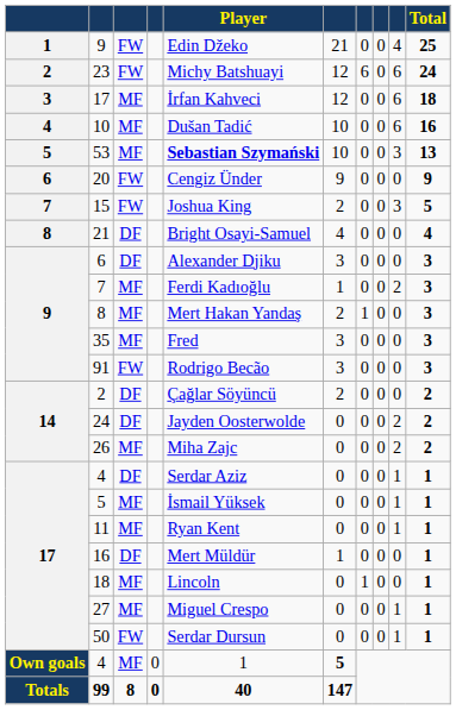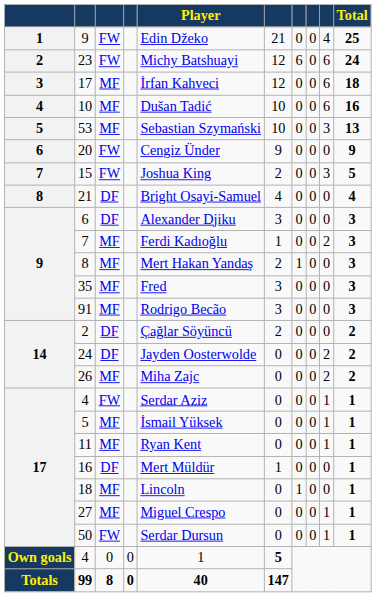 <table class="wikitable" style="text-align:center">
 <tr>
 <th style="background:#163962; color:#FFF000; "></th>
 <th style="background:#163962; color:#FFF000; "></th>
 <th style="background:#163962; color:#FFF000; "></th>
 <th style="background:#163962; color:#FFF000; "></th>
 <th style="background:#163962; color:#FFF000; ">Player</th>
 <th style="background:#163962; color:#FFF000; "></th>
 <th style="background:#163962; color:#FFF000; "></th>
 <th style="background:#163962; color:#FFF000; "></th>
 <th style="background:#163962; color:#FFF000; "></th>
 <th style="background:#163962; color:#FFF000; ">Total</th>
 </tr>
 <tr>
 <th>1</th>
 <td>9</td>
 <td><a href='#'>FW</a></td>
 <td></td>
 <td align=left><a href='#'>Edin Džeko</a></td>
 <td>21</td>
 <td>0</td>
 <td>0</td>
 <td>4</td>
 <td><strong>25</strong></td>
 </tr>
 <tr>
 <th>2</th>
 <td>23</td>
 <td><a href='#'>FW</a></td>
 <td></td>
 <td align=left><a href='#'>Michy Batshuayi</a></td>
 <td>12</td>
 <td>6</td>
 <td>0</td>
 <td>6</td>
 <td><strong>24</strong></td>
 </tr>
 <tr>
 <th>3</th>
 <td>17</td>
 <td><a href='#'>MF</a></td>
 <td></td>
 <td align=left><a href='#'>İrfan Kahveci</a></td>
 <td>12</td>
 <td>0</td>
 <td>0</td>
 <td>6</td>
 <td><strong>18</strong></td>
 </tr>
 <tr>
 <th>4</th>
 <td>10</td>
 <td><a href='#'>MF</a></td>
 <td></td>
 <td align=left><a href='#'>Dušan Tadić</a></td>
 <td>10</td>
 <td>0</td>
 <td>0</td>
 <td>6</td>
 <td><strong>16</strong></td>
 </tr>
 <tr>
 <th>5</th>
 <td>53</td>
 <td><a href='#'>MF</a></td>
 <td></td>
-<td align=left><strong><a href='#'>Sebastian Szymański</a></strong></td>
+<td align=left><a href='#'>Sebastian Szymański</a></td>
 <td>10</td>
 <td>0</td>
 <td>0</td>
 <td>3</td>
 <td><strong>13</strong></td>
 </tr>
 <tr>
 <th>6</th>
 <td>20</td>
 <td><a href='#'>FW</a></td>
 <td></td>
 <td align=left><a href='#'>Cengiz Ünder</a></td>
 <td>9</td>
 <td>0</td>
 <td>0</td>
 <td>0</td>
 <td><strong>9</strong></td>
 </tr>
 <tr>
 <th>7</th>
 <td>15</td>
 <td><a href='#'>FW</a></td>
 <td></td>
 <td align=left><a href='#'>Joshua King</a></td>
 <td>2</td>
 <td>0</td>
 <td>0</td>
 <td>3</td>
 <td><strong>5</strong></td>
 </tr>
 <tr>
 <th>8</th>
 <td>21</td>
 <td><a href='#'>DF</a></td>
 <td></td>
 <td align=left><a href='#'>Bright Osayi-Samuel</a></td>
 <td>4</td>
 <td>0</td>
 <td>0</td>
 <td>0</td>
 <td><strong>4</strong></td>
 </tr>
 <tr>
 <th rowspan="5">9</th>
 <td>6</td>
 <td><a href='#'>DF</a></td>
 <td></td>
 <td align=left><a href='#'>Alexander Djiku</a></td>
 <td>3</td>
 <td>0</td>
 <td>0</td>
 <td>0</td>
 <td><strong>3</strong></td>
 </tr>
 <tr>
 <td>7</td>
 <td><a href='#'>MF</a></td>
 <td></td>
 <td align=left><a href='#'>Ferdi Kadıoğlu</a></td>
 <td>1</td>
 <td>0</td>
 <td>0</td>
 <td>2</td>
 <td><strong>3</strong></td>
 </tr>
 <tr>
 <td>8</td>
 <td><a href='#'>MF</a></td>
 <td></td>
 <td align=left><a href='#'>Mert Hakan Yandaş</a></td>
 <td>2</td>
 <td>1</td>
 <td>0</td>
 <td>0</td>
 <td><strong>3</strong></td>
 </tr>
 <tr>
 <td>35</td>
 <td><a href='#'>MF</a></td>
 <td></td>
 <td align=left><a href='#'>Fred</a></td>
 <td>3</td>
 <td>0</td>
 <td>0</td>
 <td>0</td>
 <td><strong>3</strong></td>
 </tr>
 <tr>
 <td>91</td>
-<td><a href='#'>FW</a></td>
+<td><a href='#'>MF</a></td>
 <td></td>
 <td align=left><a href='#'>Rodrigo Becão</a></td>
 <td>3</td>
 <td>0</td>
 <td>0</td>
 <td>0</td>
 <td><strong>3</strong></td>
 </tr>
 <tr>
 <th rowspan="3">14</th>
 <td>2</td>
 <td><a href='#'>DF</a></td>
 <td></td>
 <td align=left><a href='#'>Çağlar Söyüncü</a></td>
 <td>2</td>
 <td>0</td>
 <td>0</td>
 <td>0</td>
 <td><strong>2</strong></td>
 </tr>
 <tr>
 <td>24</td>
 <td><a href='#'>DF</a></td>
 <td></td>
 <td align=left><a href='#'>Jayden Oosterwolde</a></td>
 <td>0</td>
 <td>0</td>
 <td>0</td>
 <td>2</td>
 <td><strong>2</strong></td>
 </tr>
 <tr>
 <td>26</td>
 <td><a href='#'>MF</a></td>
 <td></td>
 <td align=left><a href='#'>Miha Zajc</a></td>
 <td>0</td>
 <td>0</td>
 <td>0</td>
 <td>2</td>
 <td><strong>2</strong></td>
 </tr>
 <tr>
 <th rowspan="7">17</th>
 <td>4</td>
-<td><a href='#'>DF</a></td>
+<td><a href='#'>FW</a></td>
 <td></td>
 <td align=left><a href='#'>Serdar Aziz</a></td>
 <td>0</td>
 <td>0</td>
 <td>0</td>
 <td>1</td>
 <td><strong>1</strong></td>
 </tr>
 <tr>
 <td>5</td>
 <td><a href='#'>MF</a></td>
 <td></td>
 <td align=left><a href='#'>İsmail Yüksek</a></td>
 <td>0</td>
 <td>0</td>
 <td>0</td>
 <td>1</td>
 <td><strong>1</strong></td>
 </tr>
 <tr>
 <td>11</td>
 <td><a href='#'>MF</a></td>
 <td></td>
 <td align=left><a href='#'>Ryan Kent</a></td>
 <td>0</td>
 <td>0</td>
 <td>0</td>
 <td>1</td>
 <td><strong>1</strong></td>
 </tr>
 <tr>
 <td>16</td>
 <td><a href='#'>DF</a></td>
 <td></td>
 <td align=left><a href='#'>Mert Müldür</a></td>
 <td>1</td>
 <td>0</td>
 <td>0</td>
 <td>0</td>
 <td><strong>1</strong></td>
 </tr>
 <tr>
 <td>18</td>
 <td><a href='#'>MF</a></td>
 <td></td>
 <td align=left><a href='#'>Lincoln</a></td>
 <td>0</td>
 <td>1</td>
 <td>0</td>
 <td>0</td>
 <td><strong>1</strong></td>
 </tr>
 <tr>
 <td>27</td>
 <td><a href='#'>MF</a></td>
 <td></td>
 <td align=left><a href='#'>Miguel Crespo</a></td>
 <td>0</td>
 <td>0</td>
 <td>0</td>
 <td>1</td>
 <td><strong>1</strong></td>
 </tr>
 <tr>
 <td>50</td>
 <td><a href='#'>FW</a></td>
 <td></td>
 <td align=left><a href='#'>Serdar Dursun</a></td>
 <td>0</td>
 <td>0</td>
 <td>0</td>
 <td>1</td>
 <td><strong>1</strong></td>
 </tr>
 <tr>
 <td style="background:#163962; color:#FFF000; "><strong>Own goals</strong></td>
 <td>4</td>
-<td><a href='#'>MF</a></td>
+<td>0</td>
 <td>0</td>
 <td>1</td>
 <td><strong>5</strong></td>
 </tr>
 <tr>
 <td style="background:#163962; color:#FFF000; "><strong>Totals</strong></td>
 <td><strong>99</strong></td>
 <td><strong>8</strong></td>
 <td><strong>0</strong></td>
 <td><strong>40</strong></td>
 <td><strong>147</strong></td>
 </tr>
 </table>
